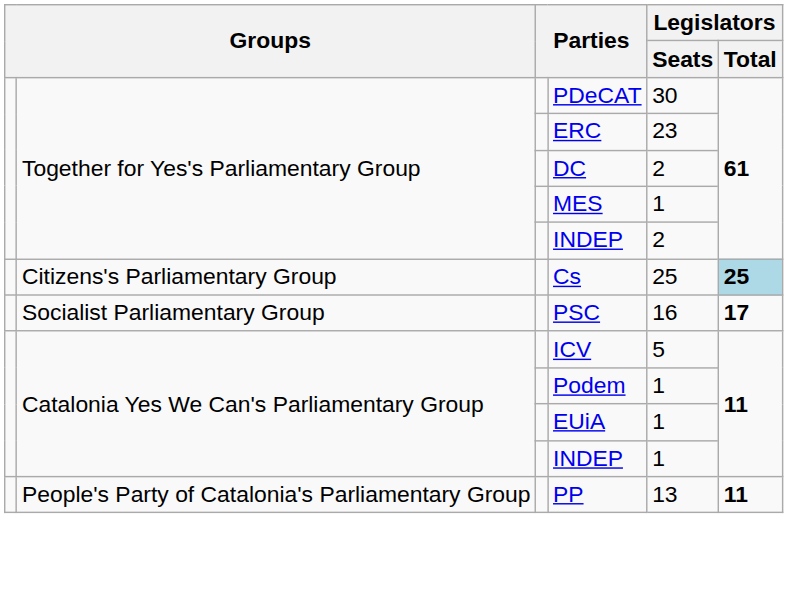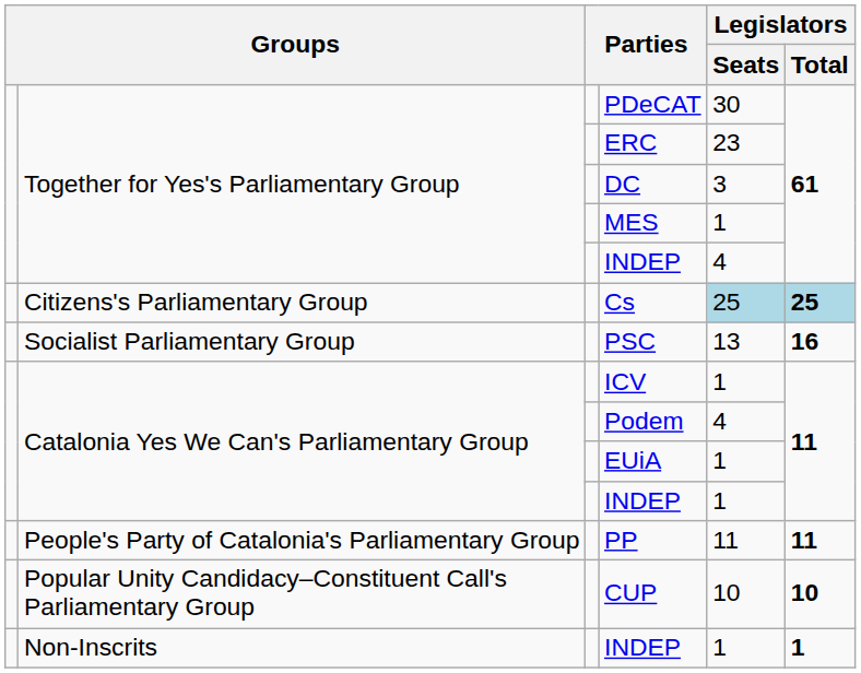 <table class="wikitable" style="text-align:left;">
 <tr>
 <th rowspan="2" colspan="2">Groups</th>
 <th rowspan="2" colspan="2">Parties</th>
 <th colspan="2">Legislators</th>
 </tr>
 <tr>
 <th>Seats</th>
 <th>Total</th>
 </tr>
 <tr>
 <td width="1" rowspan="5"></td>
 <td rowspan="5">Together for Yes's Parliamentary Group</td>
 <td width="1" style="color:inherit;background:"></td>
 <td><a href='#'>PDeCAT</a></td>
 <td>30</td>
 <td rowspan="5"><strong>61</strong></td>
 </tr>
 <tr>
 <td style="color:inherit;background:"></td>
 <td><a href='#'>ERC</a></td>
 <td>23</td>
 </tr>
 <tr>
 <td style="color:inherit;background:"></td>
 <td><a href='#'>DC</a></td>
-<td>2</td>
+<td>3</td>
 </tr>
 <tr>
 <td style="color:inherit;background:"></td>
 <td><a href='#'>MES</a></td>
 <td>1</td>
 </tr>
 <tr>
 <td style="color:inherit;background:"></td>
 <td><a href='#'>INDEP</a></td>
-<td>2</td>
+<td>4</td>
 </tr>
 <tr>
 <td style="color:inherit;background:"></td>
 <td>Citizens's Parliamentary Group</td>
 <td style="color:inherit;background:"></td>
 <td><a href='#'>Cs</a></td>
-<td>25</td>
+<td style="background: lightblue;">25</td>
 <td style="background: lightblue;"><strong>25</strong></td>
 </tr>
 <tr>
 <td style="color:inherit;background:"></td>
 <td>Socialist Parliamentary Group</td>
 <td style="color:inherit;background:"></td>
 <td><a href='#'>PSC</a></td>
-<td>16</td>
-<td><strong>17</strong></td>
+<td>13</td>
+<td><strong>16</strong></td>
 </tr>
 <tr>
 <td rowspan="4" style="color:inherit;background:"></td>
 <td rowspan="4">Catalonia Yes We Can's Parliamentary Group</td>
 <td style="color:inherit;background:"></td>
 <td><a href='#'>ICV</a></td>
-<td>5</td>
+<td>1</td>
 <td rowspan="4"><strong>11</strong></td>
 </tr>
 <tr>
 <td style="color:inherit;background:"></td>
 <td><a href='#'>Podem</a></td>
-<td>1</td>
+<td>4</td>
 </tr>
 <tr>
 <td style="color:inherit;background:"></td>
 <td><a href='#'>EUiA</a></td>
 <td>1</td>
 </tr>
 <tr>
 <td style="color:inherit;background:"></td>
 <td><a href='#'>INDEP</a></td>
 <td>1</td>
 </tr>
 <tr>
 <td style="color:inherit;background:"></td>
 <td>People's Party of Catalonia's Parliamentary Group</td>
 <td style="color:inherit;background:"></td>
 <td><a href='#'>PP</a></td>
-<td>13</td>
+<td>11</td>
 <td><strong>11</strong></td>
 </tr>
+<tr>
+<td style="color:inherit;background:"></td>
+<td>Popular Unity Candidacy–Constituent Call's<br>Parliamentary Group</td>
+<td style="color:inherit;background:"></td>
+<td><a href='#'>CUP</a></td>
+<td>10</td>
+<td><strong>10</strong></td>
+</tr>
+<tr>
+<td style="color:inherit;background:"></td>
+<td>Non-Inscrits</td>
+<td style="color:inherit;background:"></td>
+<td><a href='#'>INDEP</a></td>
+<td>1</td>
+<td><strong>1</strong></td>
+</tr>
 </table>
